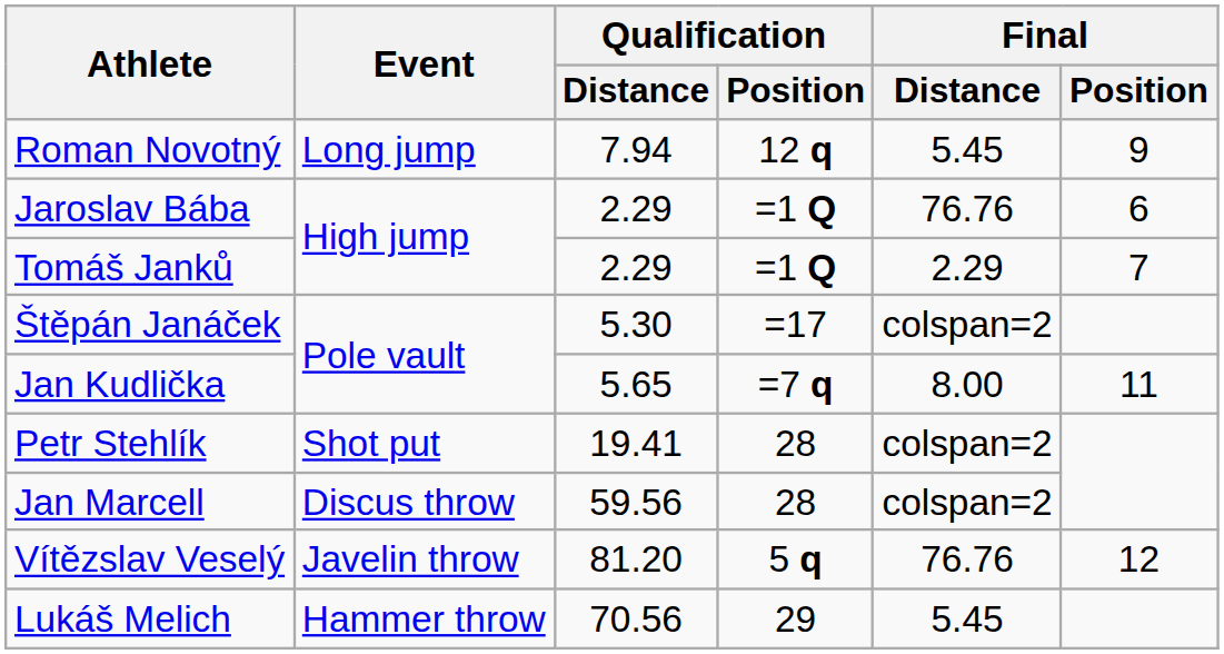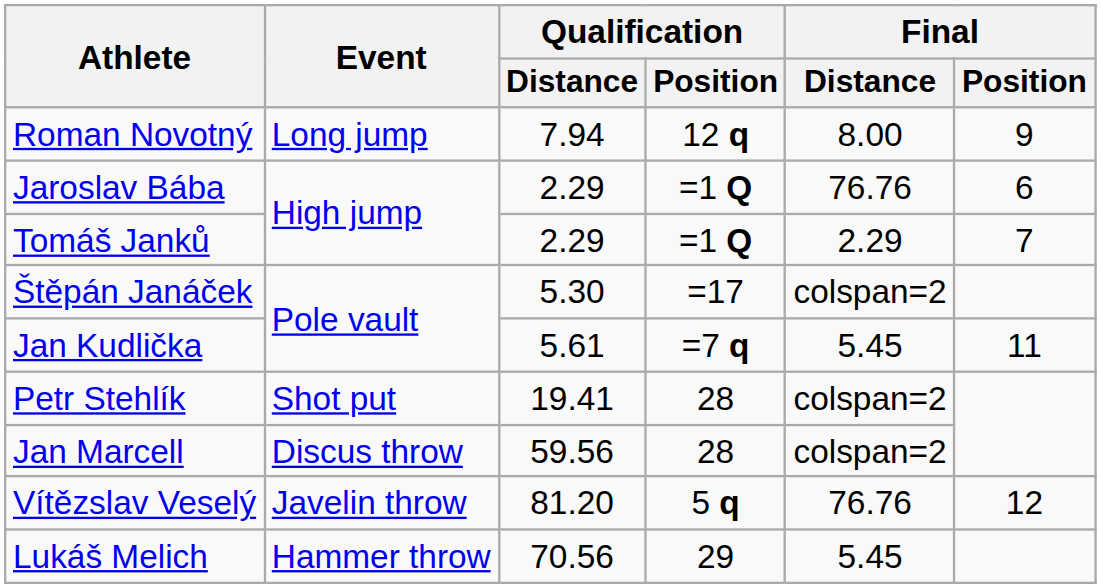 <table class=wikitable style="font-size:90%">
 <tr>
 <th rowspan="2">Athlete</th>
 <th rowspan="2">Event</th>
 <th colspan="2">Qualification</th>
 <th colspan="2">Final</th>
 </tr>
 <tr style="font-size:95%">
 <th>Distance</th>
 <th>Position</th>
 <th>Distance</th>
 <th>Position</th>
 </tr>
 <tr align=center>
 <td align=left><a href='#'>Roman Novotný</a></td>
 <td align=left><a href='#'>Long jump</a></td>
 <td>7.94</td>
 <td>12 <strong>q</strong></td>
-<td>5.45</td>
+<td>8.00</td>
 <td>9</td>
 </tr>
 <tr align=center>
 <td align=left><a href='#'>Jaroslav Bába</a></td>
 <td rowspan=2 align=left><a href='#'>High jump</a></td>
 <td>2.29</td>
 <td>=1 <strong>Q</strong></td>
 <td>76.76</td>
 <td>6</td>
 </tr>
 <tr align=center>
 <td align=left><a href='#'>Tomáš Janků</a></td>
 <td>2.29</td>
 <td>=1 <strong>Q</strong></td>
 <td>2.29</td>
 <td>7</td>
 </tr>
 <tr align=center>
 <td align=left><a href='#'>Štěpán Janáček</a></td>
 <td rowspan=2 align=left><a href='#'>Pole vault</a></td>
 <td>5.30</td>
 <td>=17</td>
 <td>colspan=2 </td>
 </tr>
 <tr align=center>
 <td align=left><a href='#'>Jan Kudlička</a></td>
-<td>5.65</td>
+<td>5.61</td>
 <td>=7 <strong>q</strong></td>
-<td>8.00</td>
+<td>5.45</td>
 <td>11</td>
 </tr>
 <tr align=center>
 <td align=left><a href='#'>Petr Stehlík</a></td>
 <td align=left><a href='#'>Shot put</a></td>
 <td>19.41</td>
 <td>28</td>
 <td>colspan=2 </td>
 </tr>
 <tr align=center>
 <td align=left><a href='#'>Jan Marcell</a></td>
 <td align=left><a href='#'>Discus throw</a></td>
 <td>59.56</td>
 <td>28</td>
 <td>colspan=2 </td>
 </tr>
 <tr align=center>
 <td align=left><a href='#'>Vítězslav Veselý</a></td>
 <td align=left><a href='#'>Javelin throw</a></td>
 <td>81.20</td>
 <td>5 <strong>q</strong></td>
 <td>76.76</td>
 <td>12</td>
 </tr>
 <tr align=center>
 <td align=left><a href='#'>Lukáš Melich</a></td>
 <td align=left><a href='#'>Hammer throw</a></td>
 <td>70.56</td>
 <td>29</td>
 <td>5.45</td>
 </tr>
 </table>
